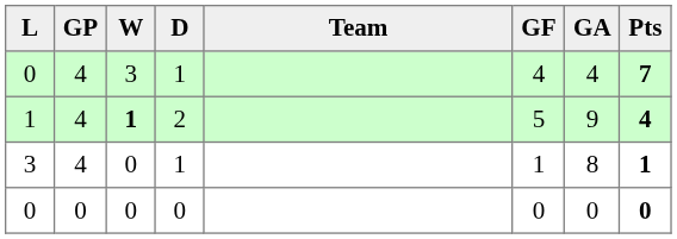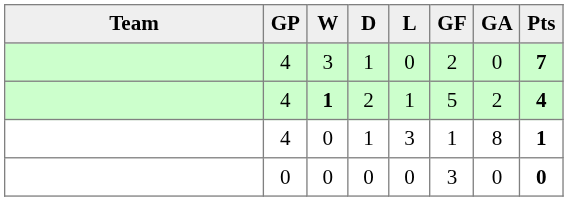 <table style=border-collapse:collapse border=1 cellspacing=0 cellpadding=5>
 <tr align=center bgcolor=#efefef>
-<th width=20>L</th>
+<th width=185>Team</th>
 <th width=20>GP</th>
 <th width=20>W</th>
 <th width=20>D</th>
-<th width=185>Team</th>
+<th width=20>L</th>
 <th width=20>GF</th>
 <th width=20>GA</th>
 <th width=20>Pts</th>
 </tr>
 <tr bgcolor=#ccffcc align=center>
-<td>0</td>
+<td style="text-align:left;"></td>
 <td>4</td>
 <td>3</td>
 <td>1</td>
-<td style="text-align:left;"></td>
-<td>4</td>
-<td>4</td>
+<td>0</td>
+<td>2</td>
+<td>0</td>
 <td><strong>7</strong></td>
 </tr>
 <tr bgcolor=#ccffcc align=center>
-<td>1</td>
+<td style="text-align:left;"></td>
 <td>4</td>
 <td><strong>1</strong></td>
 <td>2</td>
-<td style="text-align:left;"></td>
+<td>1</td>
 <td>5</td>
-<td>9</td>
+<td>2</td>
 <td><strong>4</strong></td>
 </tr>
 <tr align=center>
-<td>3</td>
+<td style="text-align:left;"></td>
 <td>4</td>
 <td>0</td>
 <td>1</td>
-<td style="text-align:left;"></td>
+<td>3</td>
 <td>1</td>
 <td>8</td>
 <td><strong>1</strong></td>
 </tr>
 <tr align=center>
+<td style="text-align:left;"></td>
 <td>0</td>
 <td>0</td>
 <td>0</td>
 <td>0</td>
-<td style="text-align:left;"></td>
-<td>0</td>
+<td>3</td>
 <td>0</td>
 <td><strong>0</strong></td>
 </tr>
 </table>
